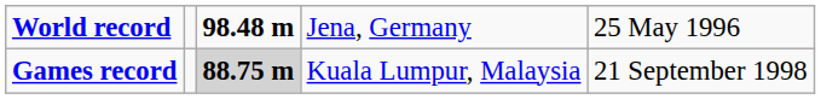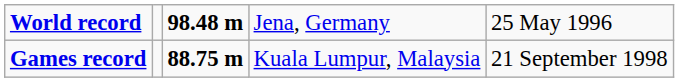 <table class="wikitable">
 <tr>
 <td><a href='#'><strong>World record</strong></a></td>
 <td></td>
 <td><strong>98.48 m</strong></td>
 <td><a href='#'>Jena</a>, <a href='#'>Germany</a></td>
 <td>25 May 1996</td>
 </tr>
 <tr>
 <td><a href='#'><strong>Games record</strong></a></td>
 <td></td>
-<td style="background: lightgrey;"><strong>88.75 m</strong></td>
+<td><strong>88.75 m</strong></td>
 <td><a href='#'>Kuala Lumpur</a>, <a href='#'>Malaysia</a></td>
 <td>21 September 1998</td>
 </tr>
 </table>
